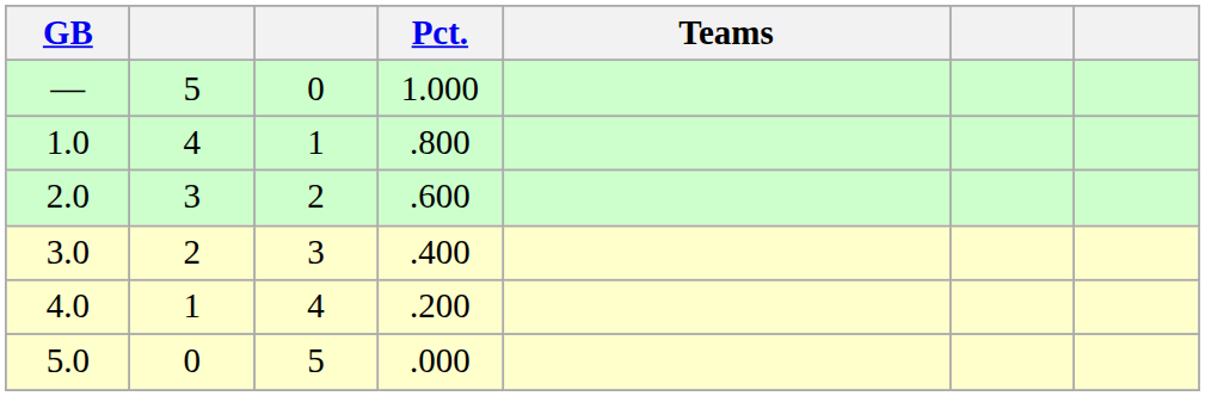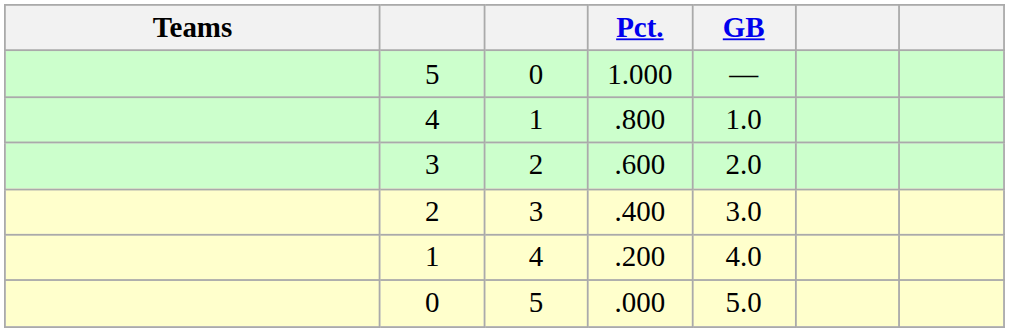 <table class="wikitable" style="text-align:center;">
 <tr>
-<th width=50px><a href='#'>GB</a></th>
+<th width=200px>Teams</th>
 <th width=50px></th>
 <th width=50px></th>
 <th width=50px><a href='#'>Pct.</a></th>
-<th width=200px>Teams</th>
+<th width=50px><a href='#'>GB</a></th>
 <th width=50px></th>
 <th width=50px></th>
 </tr>
 <tr style="background-color:#ccffcc">
-<td>—</td>
+<td align=left></td>
 <td>5</td>
 <td>0</td>
 <td>1.000</td>
-<td align=left></td>
+<td>—</td>
 <td></td>
 <td></td>
 </tr>
 <tr style="background-color:#ccffcc">
-<td>1.0</td>
+<td align=left></td>
 <td>4</td>
 <td>1</td>
 <td>.800</td>
-<td align=left></td>
+<td>1.0</td>
 <td></td>
 <td></td>
 </tr>
 <tr style="background-color:#ccffcc">
-<td>2.0</td>
+<td align=left></td>
 <td>3</td>
 <td>2</td>
 <td>.600</td>
-<td align=left></td>
+<td>2.0</td>
 <td></td>
 <td></td>
 </tr>
 <tr style="background-color:#ffffcc">
-<td>3.0</td>
+<td align=left></td>
 <td>2</td>
 <td>3</td>
 <td>.400</td>
-<td align=left></td>
+<td>3.0</td>
 <td></td>
 <td></td>
 </tr>
 <tr style="background-color:#ffffcc">
-<td>4.0</td>
+<td align=left></td>
 <td>1</td>
 <td>4</td>
 <td>.200</td>
-<td align=left></td>
+<td>4.0</td>
 <td></td>
 <td></td>
 </tr>
 <tr style="background-color:#ffffcc">
-<td>5.0</td>
+<td align=left></td>
 <td>0</td>
 <td>5</td>
 <td>.000</td>
-<td align=left></td>
+<td>5.0</td>
 <td></td>
 <td></td>
 </tr>
 </table>
